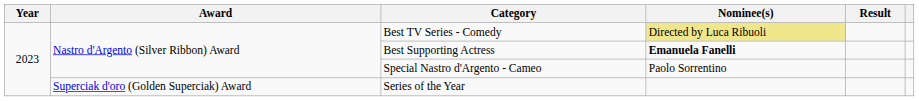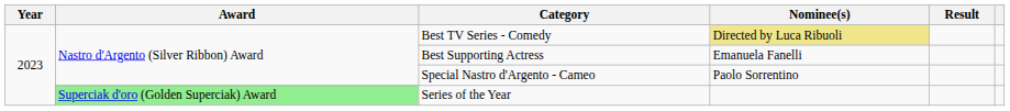 <table class=wikitable  style="width:100%">
 <tr>
 <th>Year</th>
 <th>Award</th>
 <th>Category</th>
 <th>Nominee(s)</th>
 <th>Result</th>
 <th></th>
 </tr>
 <tr>
 <td rowspan="4" align="center">2023</td>
 <td rowspan="3" align="left"><a href='#'>Nastro d'Argento</a> (Silver Ribbon) Award</td>
 <td>Best TV Series - Comedy</td>
 <td style="background: khaki;">Directed by Luca Ribuoli</td>
 <td></td>
 <td align="center"></td>
 </tr>
 <tr>
 <td>Best Supporting Actress</td>
-<td><strong>Emanuela Fanelli</strong></td>
+<td>Emanuela Fanelli</td>
 <td></td>
 <td align="center"></td>
 </tr>
 <tr>
 <td>Special Nastro d'Argento - Cameo</td>
 <td>Paolo Sorrentino</td>
 <td></td>
 <td align="center"></td>
 </tr>
 <tr>
-<td rowspan="1" align="left"><a href='#'>Superciak d'oro</a> (Golden Superciak) Award</td>
+<td rowspan="1" align="left" style="background: lightgreen;"><a href='#'>Superciak d'oro</a> (Golden Superciak) Award</td>
 <td>Series of the Year</td>
 <td></td>
 <td></td>
 <td align="center"></td>
 </tr>
 </table>
